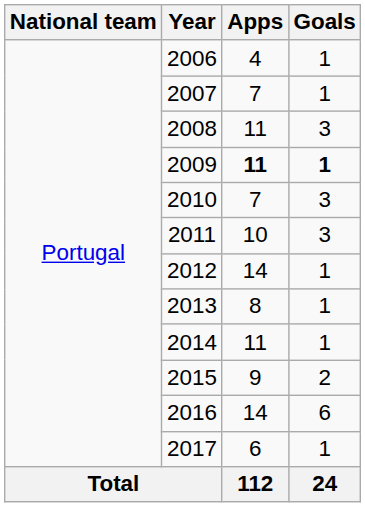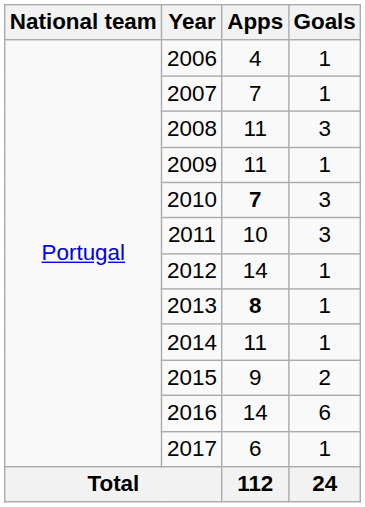 <table class=wikitable style=text-align:center>
 <tr>
 <th>National team</th>
 <th>Year</th>
 <th>Apps</th>
 <th>Goals</th>
 </tr>
 <tr>
 <td rowspan=12><a href='#'>Portugal</a></td>
 <td>2006</td>
 <td>4</td>
 <td>1</td>
 </tr>
 <tr>
 <td>2007</td>
 <td>7</td>
 <td>1</td>
 </tr>
 <tr>
 <td>2008</td>
 <td>11</td>
 <td>3</td>
 </tr>
 <tr>
 <td>2009</td>
-<td><strong>11</strong></td>
-<td><strong>1</strong></td>
+<td>11</td>
+<td>1</td>
 </tr>
 <tr>
 <td>2010</td>
-<td>7</td>
+<td><strong>7</strong></td>
 <td>3</td>
 </tr>
 <tr>
 <td>2011</td>
 <td>10</td>
 <td>3</td>
 </tr>
 <tr>
 <td>2012</td>
 <td>14</td>
 <td>1</td>
 </tr>
 <tr>
 <td>2013</td>
-<td>8</td>
+<td><strong>8</strong></td>
 <td>1</td>
 </tr>
 <tr>
 <td>2014</td>
 <td>11</td>
 <td>1</td>
 </tr>
 <tr>
 <td>2015</td>
 <td>9</td>
 <td>2</td>
 </tr>
 <tr>
 <td>2016</td>
 <td>14</td>
 <td>6</td>
 </tr>
 <tr>
 <td>2017</td>
 <td>6</td>
 <td>1</td>
 </tr>
 <tr>
 <th colspan=2>Total</th>
 <th>112</th>
 <th>24</th>
 </tr>
 </table>
